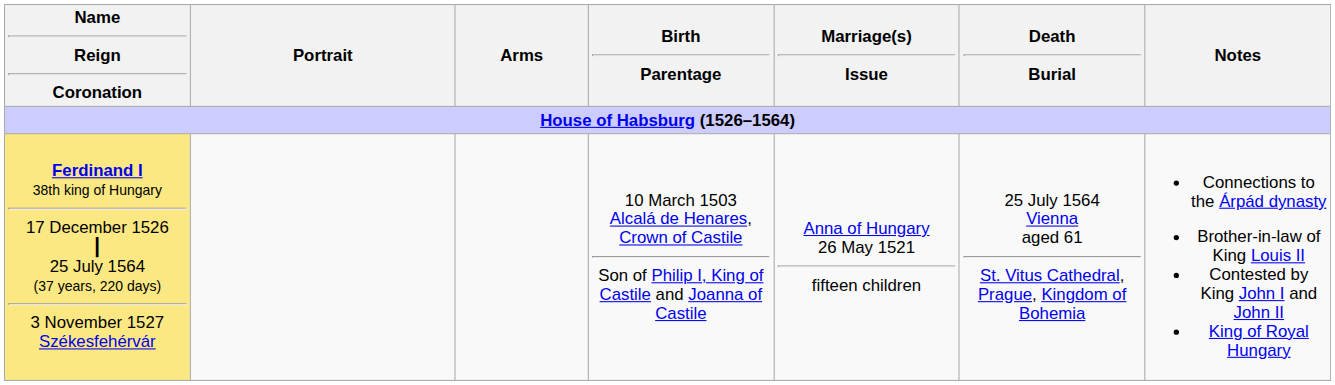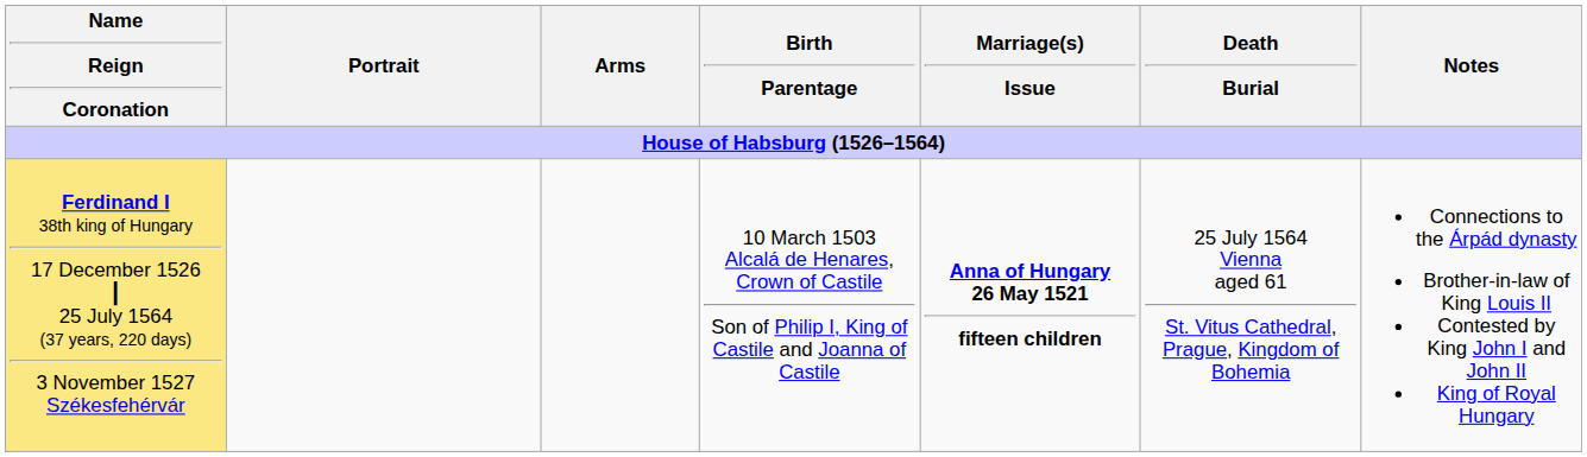 <table class="wikitable" style="text-align:Center; width:100%">
 <tr>
 <th width="14%">Name<hr>Reign<hr>Coronation</th>
 <th width="20%">Portrait</th>
 <th width="10%">Arms</th>
 <th width="14%">Birth<hr>Parentage</th>
 <th width="14%">Marriage(s)<hr>Issue</th>
 <th width="14%">Death<hr>Burial</th>
 <th width="14%">Notes</th>
 </tr>
 <tr>
 <th colspan="7" style="background:#ccccff"><a href='#'>House of Habsburg</a> (1526–1564)</th>
 </tr>
 <tr>
 <td style="background:#FCE883"><strong><a href='#'>Ferdinand I</a></strong><br><small>38th king of Hungary</small><hr>17 December 1526<br>┃<br>25 July 1564<br><small>(37 years, 220 days)</small><hr>3 November 1527<br><a href='#'>Székesfehérvár</a></td>
 <td></td>
 <td></td>
 <td>10 March 1503<br><a href='#'>Alcalá de Henares</a>, <a href='#'>Crown of Castile</a><hr>Son of <a href='#'>Philip I, King of Castile</a> and <a href='#'>Joanna of Castile</a></td>
-<td><a href='#'>Anna of Hungary</a><br>26 May 1521<hr>fifteen children</td>
+<td><strong><a href='#'>Anna of Hungary</a><br>26 May 1521<hr>fifteen children</strong></td>
 <td>25 July 1564<br><a href='#'>Vienna</a><br>aged 61<hr><a href='#'>St. Vitus Cathedral</a>, <a href='#'>Prague</a>, <a href='#'>Kingdom of Bohemia</a></td>
 <td><br><ul><li>Connections to the <a href='#'>Árpád dynasty</a></li></ul><ul><li>Brother-in-law of King <a href='#'>Louis II</a></li><li>Contested by King <a href='#'>John I</a> and <a href='#'>John II</a></li><li><a href='#'>King of Royal Hungary</a></li></ul></td>
 </tr>
 </table>
